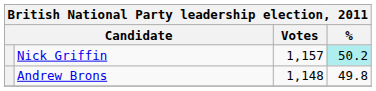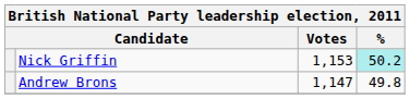 <table class="wikitable">
 <tr>
 <th colspan="4">British National Party leadership election, 2011</th>
 </tr>
 <tr>
 <th colspan="2" style="width: 170px">Candidate</th>
 <th style="width: 50px">Votes</th>
 <th style="width: 40px">%</th>
 </tr>
 <tr>
 <th style="padding: 4px; width: 1px; background-color: "></th>
 <td><a href='#'>Nick Griffin</a></td>
-<td align="right">1,157</td>
+<td align="right">1,153</td>
 <td align="right" style="background: paleturquoise;">50.2</td>
 </tr>
 <tr>
 <th style="padding: 4px; width: 1px; background-color: "></th>
 <td><a href='#'>Andrew Brons</a></td>
-<td align="right">1,148</td>
+<td align="right">1,147</td>
 <td align="right">49.8</td>
 </tr>
 <tr>
 </tr>
 </table>
